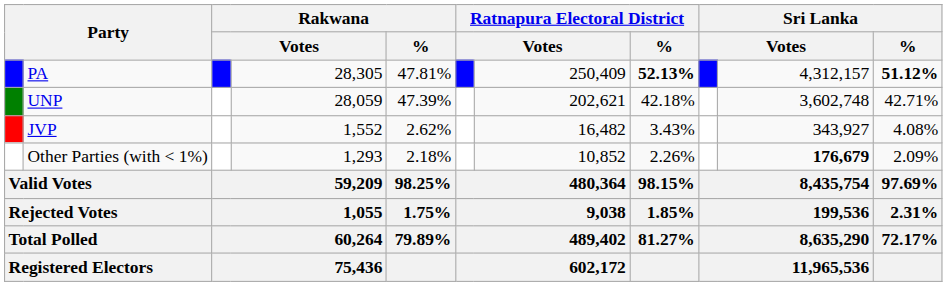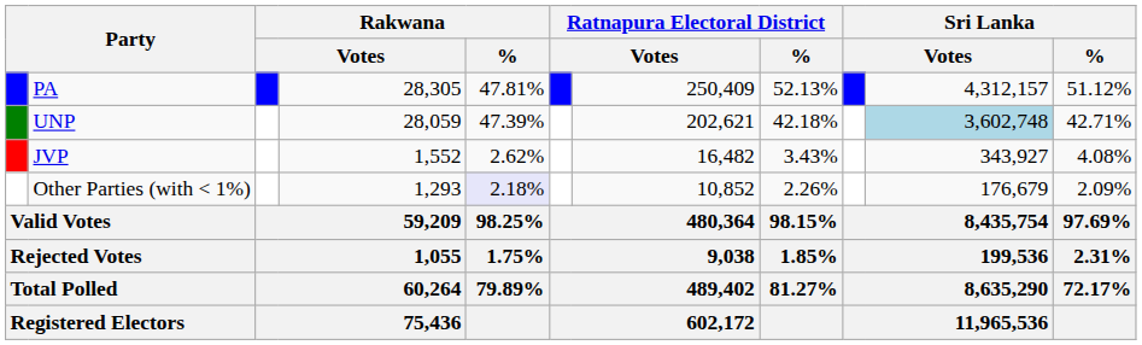 <table class="wikitable">
 <tr>
 <th colspan="2" width="144px"rowspan="2">Party</th>
 <th colspan="3" width="216px">Rakwana</th>
 <th colspan="3" width="216px"><a href='#'>Ratnapura Electoral District</a></th>
 <th colspan="3" width="216px">Sri Lanka</th>
 </tr>
 <tr>
 <th colspan="2" width="144px">Votes</th>
 <th>%</th>
 <th colspan="2" width="144px">Votes</th>
 <th>%</th>
 <th colspan="2" width="144px">Votes</th>
 <th>%</th>
 </tr>
 <tr>
 <td style="background-color:blue;" width="10px"></td>
 <td style="text-align:left;"><a href='#'>PA</a></td>
 <td style="background-color:blue;" width="10px"></td>
 <td style="text-align:right;">28,305</td>
 <td style="text-align:right;">47.81%</td>
 <td style="background-color:blue;" width="10px"></td>
 <td style="text-align:right;">250,409</td>
-<td style="text-align:right;"><strong>52.13%</strong></td>
+<td style="text-align:right;">52.13%</td>
 <td style="background-color:blue;" width="10px"></td>
 <td style="text-align:right;">4,312,157</td>
-<td style="text-align:right;"><strong>51.12%</strong></td>
+<td style="text-align:right;">51.12%</td>
 </tr>
 <tr>
 <td style="background-color:green;" width="10px"></td>
 <td style="text-align:left;"><a href='#'>UNP</a></td>
 <td style="background-color:white;" width="10px"></td>
 <td style="text-align:right;">28,059</td>
 <td style="text-align:right;">47.39%</td>
 <td style="background-color:white;" width="10px"></td>
 <td style="text-align:right;">202,621</td>
 <td style="text-align:right;">42.18%</td>
 <td style="background-color:white;" width="10px"></td>
-<td style="text-align:right;">3,602,748</td>
+<td style="background: lightblue; text-align:right;">3,602,748</td>
 <td style="text-align:right;">42.71%</td>
 </tr>
 <tr>
 <td style="background-color:red;" width="10px"></td>
 <td style="text-align:left;"><a href='#'>JVP</a></td>
 <td style="background-color:white;" width="10px"></td>
 <td style="text-align:right;">1,552</td>
 <td style="text-align:right;">2.62%</td>
 <td style="background-color:white;" width="10px"></td>
 <td style="text-align:right;">16,482</td>
 <td style="text-align:right;">3.43%</td>
 <td style="background-color:white;" width="10px"></td>
 <td style="text-align:right;">343,927</td>
 <td style="text-align:right;">4.08%</td>
 </tr>
 <tr>
 <td style="background-color:white;" width="10px"></td>
 <td style="text-align:left;">Other Parties (with < 1%)</td>
 <td style="background-color:white;" width="10px"></td>
 <td style="text-align:right;">1,293</td>
-<td style="text-align:right;">2.18%</td>
+<td style="background: lavender; text-align:right;">2.18%</td>
 <td style="background-color:white;" width="10px"></td>
 <td style="text-align:right;">10,852</td>
 <td style="text-align:right;">2.26%</td>
 <td style="background-color:white;" width="10px"></td>
-<td style="text-align:right;"><strong>176,679</strong></td>
+<td style="text-align:right;">176,679</td>
 <td style="text-align:right;">2.09%</td>
 </tr>
 <tr>
 <th colspan="2" width="144px"style="text-align:left;">Valid Votes</th>
 <th style="text-align:right;"colspan="2" width="144px">59,209</th>
 <th style="text-align:right;">98.25%</th>
 <th style="text-align:right;"colspan="2" width="144px">480,364</th>
 <th style="text-align:right;">98.15%</th>
 <th style="text-align:right;"colspan="2" width="144px">8,435,754</th>
 <th style="text-align:right;">97.69%</th>
 </tr>
 <tr>
 <th colspan="2" width="144px"style="text-align:left;">Rejected Votes</th>
 <th style="text-align:right;"colspan="2" width="144px">1,055</th>
 <th style="text-align:right;">1.75%</th>
 <th style="text-align:right;"colspan="2" width="144px">9,038</th>
 <th style="text-align:right;">1.85%</th>
 <th style="text-align:right;"colspan="2" width="144px">199,536</th>
 <th style="text-align:right;">2.31%</th>
 </tr>
 <tr>
 <th colspan="2" width="144px"style="text-align:left;">Total Polled</th>
 <th style="text-align:right;"colspan="2" width="144px">60,264</th>
 <th style="text-align:right;">79.89%</th>
 <th style="text-align:right;"colspan="2" width="144px">489,402</th>
 <th style="text-align:right;">81.27%</th>
 <th style="text-align:right;"colspan="2" width="144px">8,635,290</th>
 <th style="text-align:right;">72.17%</th>
 </tr>
 <tr>
 <th colspan="2" width="144px"style="text-align:left;">Registered Electors</th>
 <th style="text-align:right;"colspan="2" width="144px">75,436</th>
 <th></th>
 <th style="text-align:right;"colspan="2" width="144px">602,172</th>
 <th></th>
 <th style="text-align:right;"colspan="2" width="144px">11,965,536</th>
 <th></th>
 </tr>
 </table>
